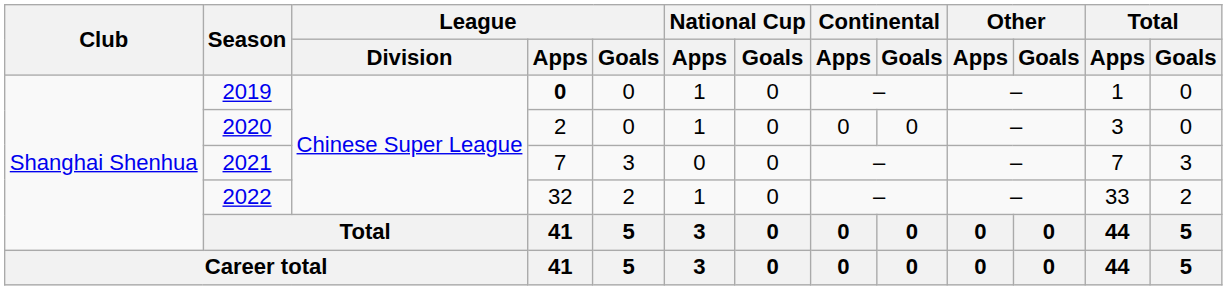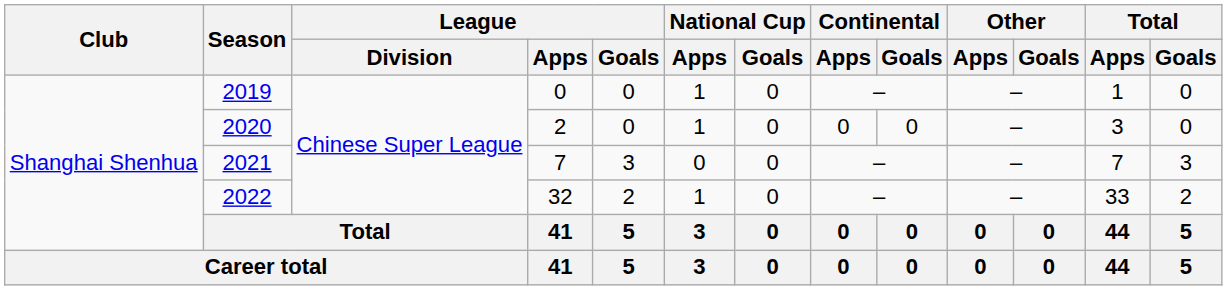 <table class="wikitable" style="text-align: center">
 <tr>
 <th rowspan="2">Club</th>
 <th rowspan="2">Season</th>
 <th colspan="3">League</th>
 <th colspan="2">National Cup</th>
 <th colspan="2">Continental</th>
 <th colspan="2">Other</th>
 <th colspan="2">Total</th>
 </tr>
 <tr>
 <th>Division</th>
 <th>Apps</th>
 <th>Goals</th>
 <th>Apps</th>
 <th>Goals</th>
 <th>Apps</th>
 <th>Goals</th>
 <th>Apps</th>
 <th>Goals</th>
 <th>Apps</th>
 <th>Goals</th>
 </tr>
 <tr>
 <td rowspan=5><a href='#'>Shanghai Shenhua</a></td>
 <td><a href='#'>2019</a></td>
 <td rowspan=4><a href='#'>Chinese Super League</a></td>
-<td><strong>0</strong></td>
+<td>0</td>
 <td>0</td>
 <td>1</td>
 <td>0</td>
 <td colspan="2">–</td>
 <td colspan="2">–</td>
 <td>1</td>
 <td>0</td>
 </tr>
 <tr>
 <td><a href='#'>2020</a></td>
 <td>2</td>
 <td>0</td>
 <td>1</td>
 <td>0</td>
 <td>0</td>
 <td>0</td>
 <td colspan="2">–</td>
 <td>3</td>
 <td>0</td>
 </tr>
 <tr>
 <td><a href='#'>2021</a></td>
 <td>7</td>
 <td>3</td>
 <td>0</td>
 <td>0</td>
 <td colspan="2">–</td>
 <td colspan="2">–</td>
 <td>7</td>
 <td>3</td>
 </tr>
 <tr>
 <td><a href='#'>2022</a></td>
 <td>32</td>
 <td>2</td>
 <td>1</td>
 <td>0</td>
 <td colspan="2">–</td>
 <td colspan="2">–</td>
 <td>33</td>
 <td>2</td>
 </tr>
 <tr>
 <th colspan=2>Total</th>
 <th>41</th>
 <th>5</th>
 <th>3</th>
 <th>0</th>
 <th>0</th>
 <th>0</th>
 <th>0</th>
 <th>0</th>
 <th>44</th>
 <th>5</th>
 </tr>
 <tr>
 <th colspan=3>Career total</th>
 <th>41</th>
 <th>5</th>
 <th>3</th>
 <th>0</th>
 <th>0</th>
 <th>0</th>
 <th>0</th>
 <th>0</th>
 <th>44</th>
 <th>5</th>
 </tr>
 </table>
